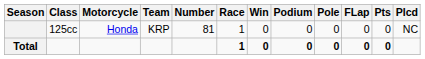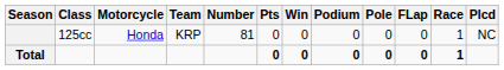 <table class="wikitable">
 <tr>
 <th>Season</th>
 <th>Class</th>
 <th>Motorcycle</th>
 <th>Team</th>
 <th>Number</th>
-<th>Race</th>
+<th>Pts</th>
 <th>Win</th>
 <th>Podium</th>
 <th>Pole</th>
 <th>FLap</th>
-<th>Pts</th>
+<th>Race</th>
 <th>Plcd</th>
 </tr>
 <tr align="right">
 <th></th>
 <td>125cc</td>
 <td><a href='#'>Honda</a></td>
 <td>KRP</td>
 <td>81</td>
-<td>1</td>
 <td>0</td>
 <td>0</td>
 <td>0</td>
 <td>0</td>
 <td>0</td>
+<td>1</td>
 <td>NC</td>
 </tr>
 <tr align="right">
 <th>Total</th>
 <td></td>
 <td></td>
 <td></td>
 <td></td>
-<td><strong>1</strong></td>
 <td><strong>0</strong></td>
 <td><strong>0</strong></td>
 <td><strong>0</strong></td>
 <td><strong>0</strong></td>
 <td><strong>0</strong></td>
+<td><strong>1</strong></td>
 <td></td>
 </tr>
 </table>
